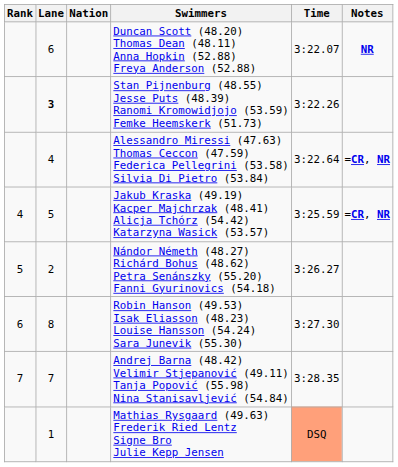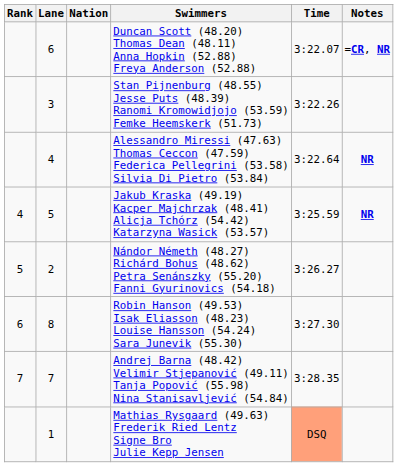 <table class="wikitable sortable" style="text-align:center">
 <tr>
 <th>Rank</th>
 <th>Lane</th>
 <th>Nation</th>
 <th>Swimmers</th>
 <th>Time</th>
 <th>Notes</th>
 </tr>
 <tr>
 <td></td>
 <td>6</td>
 <td align=left></td>
 <td align=left><a href='#'>Duncan Scott</a> (48.20)<br><a href='#'>Thomas Dean</a> (48.11)<br><a href='#'>Anna Hopkin</a> (52.88)<br><a href='#'>Freya Anderson</a> (52.88)</td>
 <td>3:22.07</td>
-<td><strong><a href='#'>NR</a></strong></td>
+<td>=<strong><a href='#'>CR</a></strong>, <strong><a href='#'>NR</a></strong></td>
 </tr>
 <tr>
 <td></td>
-<td><strong>3</strong></td>
+<td>3</td>
 <td align=left></td>
 <td align=left><a href='#'>Stan Pijnenburg</a> (48.55)<br><a href='#'>Jesse Puts</a> (48.39)<br><a href='#'>Ranomi Kromowidjojo</a> (53.59)<br><a href='#'>Femke Heemskerk</a> (51.73)</td>
 <td>3:22.26</td>
 <td></td>
 </tr>
 <tr>
 <td></td>
 <td>4</td>
 <td align=left></td>
 <td align=left><a href='#'>Alessandro Miressi</a> (47.63)<br><a href='#'>Thomas Ceccon</a> (47.59)<br><a href='#'>Federica Pellegrini</a> (53.58)<br><a href='#'>Silvia Di Pietro</a> (53.84)</td>
 <td>3:22.64</td>
-<td>=<strong><a href='#'>CR</a></strong>, <strong><a href='#'>NR</a></strong></td>
+<td><strong><a href='#'>NR</a></strong></td>
 </tr>
 <tr>
 <td>4</td>
 <td>5</td>
 <td align=left></td>
 <td align=left><a href='#'>Jakub Kraska</a> (49.19)<br><a href='#'>Kacper Majchrzak</a> (48.41)<br><a href='#'>Alicja Tchórz</a> (54.42)<br><a href='#'>Katarzyna Wasick</a> (53.57)</td>
 <td>3:25.59</td>
-<td>=<strong><a href='#'>CR</a></strong>, <strong><a href='#'>NR</a></strong></td>
+<td><strong><a href='#'>NR</a></strong></td>
 </tr>
 <tr>
 <td>5</td>
 <td>2</td>
 <td align=left></td>
 <td align=left><a href='#'>Nándor Németh</a> (48.27)<br><a href='#'>Richárd Bohus</a> (48.62)<br><a href='#'>Petra Senánszky</a> (55.20)<br><a href='#'>Fanni Gyurinovics</a> (54.18)</td>
 <td>3:26.27</td>
 <td></td>
 </tr>
 <tr>
 <td>6</td>
 <td>8</td>
 <td align=left></td>
 <td align=left><a href='#'>Robin Hanson</a> (49.53)<br><a href='#'>Isak Eliasson</a> (48.23)<br><a href='#'>Louise Hansson</a> (54.24)<br><a href='#'>Sara Junevik</a> (55.30)</td>
 <td>3:27.30</td>
 <td></td>
 </tr>
 <tr>
 <td>7</td>
 <td>7</td>
 <td align=left></td>
 <td align=left><a href='#'>Andrej Barna</a> (48.42)<br><a href='#'>Velimir Stjepanović</a> (49.11)<br><a href='#'>Tanja Popović</a> (55.98)<br><a href='#'>Nina Stanisavljević</a> (54.84)</td>
 <td>3:28.35</td>
 <td></td>
 </tr>
 <tr>
 <td></td>
 <td>1</td>
 <td align=left></td>
 <td align=left><a href='#'>Mathias Rysgaard</a> (49.63)<br><a href='#'>Frederik Ried Lentz</a><br><a href='#'>Signe Bro</a><br><a href='#'>Julie Kepp Jensen</a></td>
 <td style="background: lightsalmon;">DSQ</td>
 <td></td>
 </tr>
 </table>
